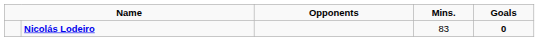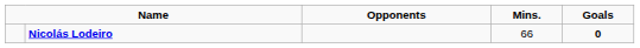 <table class= width=90% border="2" cellpadding="4" cellspacing="0" style="text-align=center: 1em 1em 1em 0; background: #f9f9f9; border: 1px #aaa solid; border-collapse: collapse; font-size: 95%;">
 <tr>
 <th width=25% colspan=2>Name</th>
 <th width=16%>Opponents</th>
 <th width=6%>Mins.</th>
 <th width=6%>Goals</th>
 </tr>
 <tr>
 <td align=center></td>
 <td><strong><a href='#'>Nicolás Lodeiro</a></strong></td>
 <td></td>
-<td align=center>83</td>
+<td align=center>66</td>
 <td align=center><strong>0</strong></td>
 </tr>
 </table>
